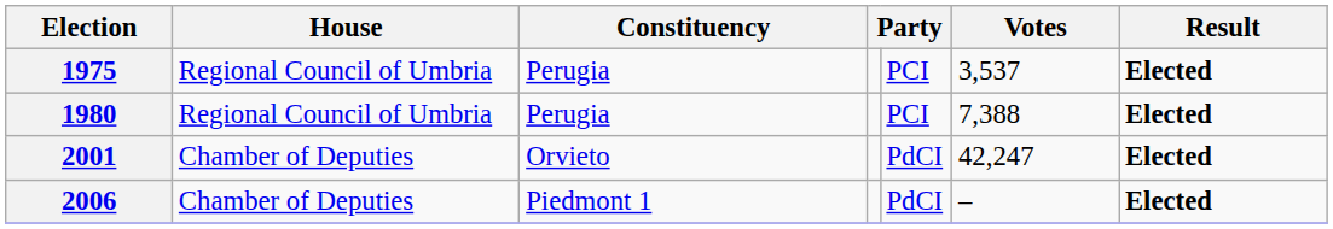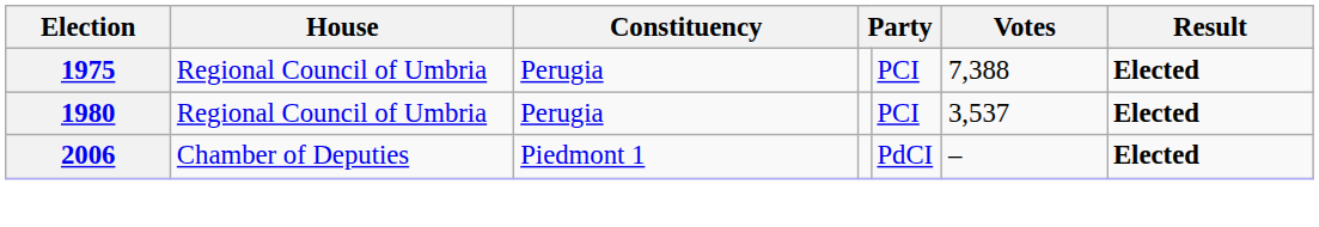 <table class=wikitable style="width:61%; border:1px #AAAAFF solid">
 <tr>
 <th width=12%>Election</th>
 <th width=25%>House</th>
 <th width=25%>Constituency</th>
 <th width=5% colspan="2">Party</th>
 <th width=12%>Votes</th>
 <th width=15%>Result</th>
 </tr>
 <tr>
 <th><a href='#'>1975</a></th>
 <td><a href='#'>Regional Council of Umbria</a></td>
 <td><a href='#'>Perugia</a></td>
 <td></td>
 <td><a href='#'>PCI</a></td>
-<td>3,537</td>
+<td>7,388</td>
 <td> <strong>Elected</strong></td>
 </tr>
 <tr>
 <th><a href='#'>1980</a></th>
 <td><a href='#'>Regional Council of Umbria</a></td>
 <td><a href='#'>Perugia</a></td>
 <td></td>
 <td><a href='#'>PCI</a></td>
-<td>7,388</td>
-<td> <strong>Elected</strong></td>
-</tr>
-<tr>
-<th><a href='#'>2001</a></th>
-<td><a href='#'>Chamber of Deputies</a></td>
-<td><a href='#'>Orvieto</a></td>
-<td></td>
-<td><a href='#'>PdCI</a></td>
-<td>42,247</td>
+<td>3,537</td>
 <td> <strong>Elected</strong></td>
 </tr>
 <tr>
 <th><a href='#'>2006</a></th>
 <td><a href='#'>Chamber of Deputies</a></td>
 <td><a href='#'>Piedmont 1</a></td>
 <td></td>
 <td><a href='#'>PdCI</a></td>
 <td>–</td>
 <td> <strong>Elected</strong></td>
 </tr>
 <tr>
 </tr>
 </table>
